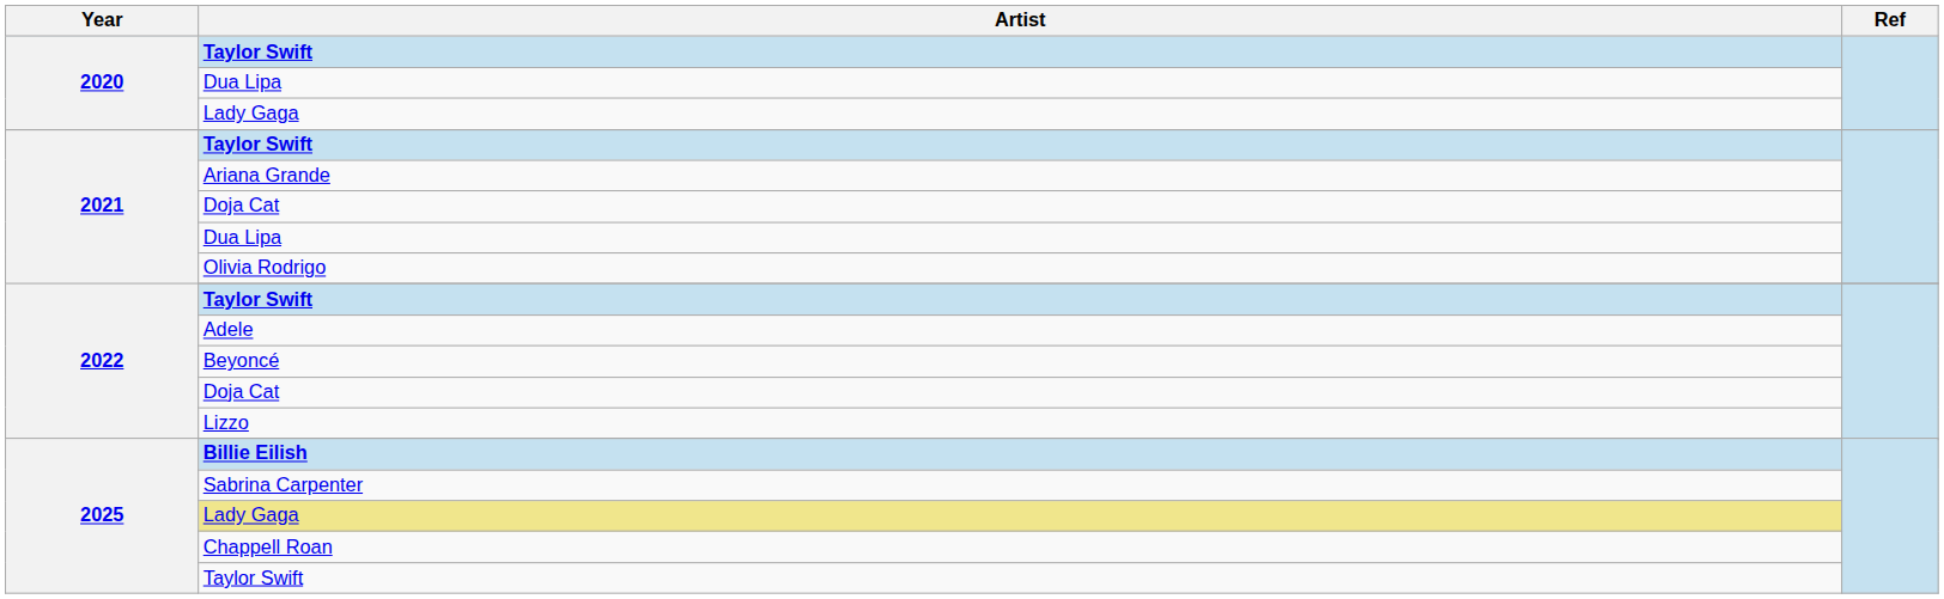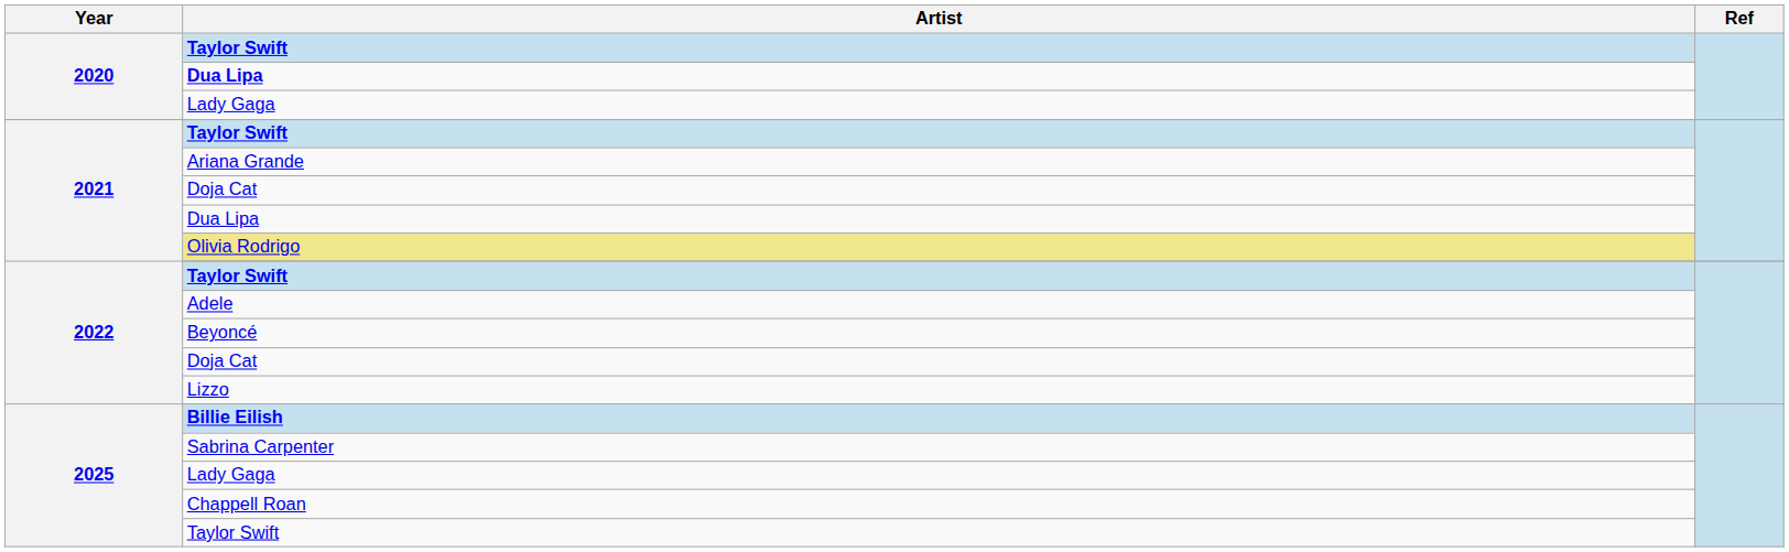 <table class="wikitable" width="100%">
 <tr>
 <th width="10%">Year</th>
 <th width="85%">Artist</th>
 <th width="5%">Ref</th>
 </tr>
 <tr style="background:#c5e1f0">
 <th rowspan="3"><a href='#'>2020<br></a></th>
 <td><strong><a href='#'>Taylor Swift</a></strong></td>
 <td rowspan=3 align="center"></td>
 </tr>
 <tr>
-<td><a href='#'>Dua Lipa</a></td>
+<td><strong><a href='#'>Dua Lipa</a></strong></td>
 </tr>
 <tr>
 <td><a href='#'>Lady Gaga</a></td>
 </tr>
 <tr>
 </tr>
 <tr>
 <th rowspan="6"><a href='#'>2021<br></a></th>
 </tr>
 <tr style="background:#c5e1f0">
 <td><strong><a href='#'>Taylor Swift</a></strong></td>
 <td rowspan=5 align="center"></td>
 </tr>
 <tr>
 <td><a href='#'>Ariana Grande</a></td>
 </tr>
 <tr>
 <td><a href='#'>Doja Cat</a></td>
 </tr>
 <tr>
 <td><a href='#'>Dua Lipa</a></td>
 </tr>
 <tr>
-<td><a href='#'>Olivia Rodrigo</a></td>
+<td style="background: khaki;"><a href='#'>Olivia Rodrigo</a></td>
 </tr>
 <tr>
 <th rowspan="6"><a href='#'>2022<br></a></th>
 </tr>
 <tr style="background:#c5e1f0">
 <td><strong><a href='#'>Taylor Swift</a></strong></td>
 <td rowspan=6 align="center"></td>
 </tr>
 <tr>
 <td><a href='#'>Adele</a></td>
 </tr>
 <tr>
 <td><a href='#'>Beyoncé</a></td>
 </tr>
 <tr>
 <td><a href='#'>Doja Cat</a></td>
 </tr>
 <tr>
 <td><a href='#'>Lizzo</a></td>
 </tr>
 <tr>
 <th rowspan="6"><a href='#'>2025<br></a></th>
 </tr>
 <tr style="background:#c5e1f0">
 <td><strong><a href='#'>Billie Eilish</a></strong></td>
 <td rowspan=6 align="center"></td>
 </tr>
 <tr>
 <td><a href='#'>Sabrina Carpenter</a></td>
 </tr>
 <tr>
-<td style="background: khaki;"><a href='#'>Lady Gaga</a></td>
+<td><a href='#'>Lady Gaga</a></td>
 </tr>
 <tr>
 <td><a href='#'>Chappell Roan</a></td>
 </tr>
 <tr>
 <td><a href='#'>Taylor Swift</a></td>
 </tr>
 </table>
